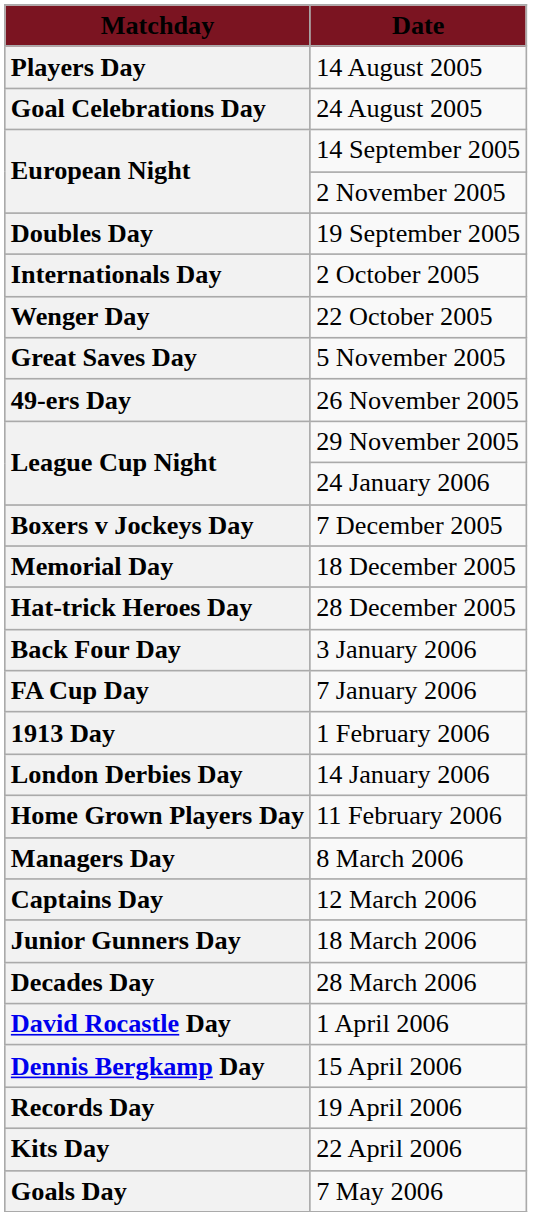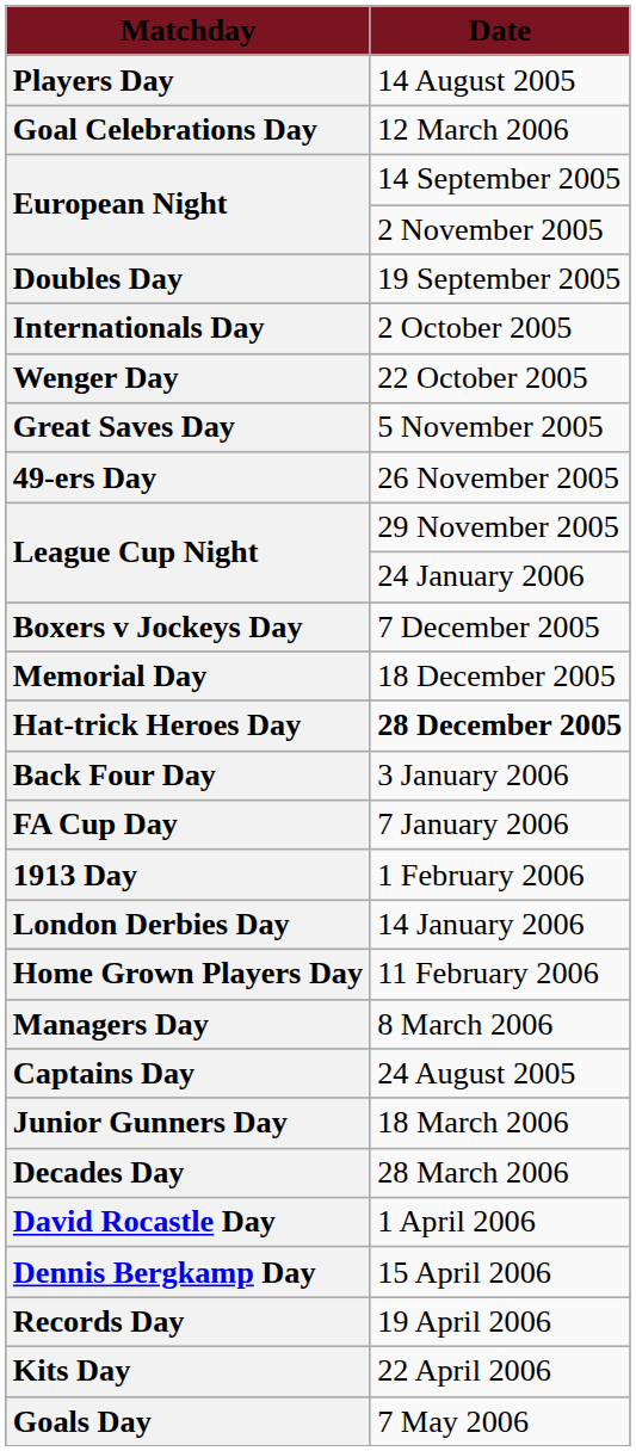 <table class="wikitable plainrowheaders">
 <tr>
 <th scope="col" style="background-color:#7B1421;"><span>Matchday</span></th>
 <th scope="col" style="background-color:#7B1421;"><span>Date</span></th>
 </tr>
 <tr>
 <th scope="row" style="text-align:left">Players Day</th>
 <td align=left>14 August 2005</td>
 </tr>
 <tr>
 <th scope="row" style="text-align:left">Goal Celebrations Day</th>
-<td align=left>24 August 2005</td>
+<td align=left>12 March 2006</td>
 </tr>
 <tr>
 <th scope="row" rowspan=2 style="text-align:left">European Night</th>
 <td align=left>14 September 2005</td>
 </tr>
 <tr>
 <td align=left>2 November 2005</td>
 </tr>
 <tr>
 <th scope="row" style="text-align:left">Doubles Day</th>
 <td align=left>19 September 2005</td>
 </tr>
 <tr>
 <th scope="row" style="text-align:left">Internationals Day</th>
 <td align=left>2 October 2005</td>
 </tr>
 <tr>
 <th scope="row" style="text-align:left">Wenger Day</th>
 <td align=left>22 October 2005</td>
 </tr>
 <tr>
 <th scope="row" style="text-align:left">Great Saves Day</th>
 <td align=left>5 November 2005</td>
 </tr>
 <tr>
 <th scope="row" style="text-align:left">49-ers Day</th>
 <td align=left>26 November 2005</td>
 </tr>
 <tr>
 <th scope="row" rowspan=2 style="text-align:left">League Cup Night</th>
 <td align=left>29 November 2005</td>
 </tr>
 <tr>
 <td align=left>24 January 2006</td>
 </tr>
 <tr>
 <th scope="row" style="text-align:left">Boxers v Jockeys Day</th>
 <td align=left>7 December 2005</td>
 </tr>
 <tr>
 <th scope="row" style="text-align:left">Memorial Day</th>
 <td align=left>18 December 2005</td>
 </tr>
 <tr>
 <th scope="row" style="text-align:left">Hat-trick Heroes Day</th>
-<td align=left>28 December 2005</td>
+<td align=left><strong>28 December 2005</strong></td>
 </tr>
 <tr>
 <th scope="row" style="text-align:left">Back Four Day</th>
 <td align=left>3 January 2006</td>
 </tr>
 <tr>
 <th scope="row" style="text-align:left">FA Cup Day</th>
 <td align=left>7 January 2006</td>
 </tr>
 <tr>
 <th scope="row" style="text-align:left">1913 Day</th>
 <td align=left>1 February 2006</td>
 </tr>
 <tr>
 <th scope="row" style="text-align:left">London Derbies Day</th>
 <td align=left>14 January 2006</td>
 </tr>
 <tr>
 <th scope="row" style="text-align:left">Home Grown Players Day</th>
 <td align=left>11 February 2006</td>
 </tr>
 <tr>
 <th scope="row" style="text-align:left">Managers Day</th>
 <td align=left>8 March 2006</td>
 </tr>
 <tr>
 <th scope="row" style="text-align:left">Captains Day</th>
-<td align=left>12 March 2006</td>
+<td align=left>24 August 2005</td>
 </tr>
 <tr>
 <th scope="row" style="text-align:left">Junior Gunners Day</th>
 <td align=left>18 March 2006</td>
 </tr>
 <tr>
 <th scope="row" style="text-align:left">Decades Day</th>
 <td align=left>28 March 2006</td>
 </tr>
 <tr>
 <th scope="row" style="text-align:left"><a href='#'>David Rocastle</a> Day</th>
 <td align=left>1 April 2006</td>
 </tr>
 <tr>
 <th scope="row" style="text-align:left"><a href='#'>Dennis Bergkamp</a> Day</th>
 <td align=left>15 April 2006</td>
 </tr>
 <tr>
 <th scope="row" style="text-align:left">Records Day</th>
 <td align=left>19 April 2006</td>
 </tr>
 <tr>
 <th scope="row" style="text-align:left">Kits Day</th>
 <td align=left>22 April 2006</td>
 </tr>
 <tr>
 <th scope="row" style="text-align:left">Goals Day</th>
 <td align=left>7 May 2006</td>
 </tr>
 <tr>
 </tr>
 </table>
